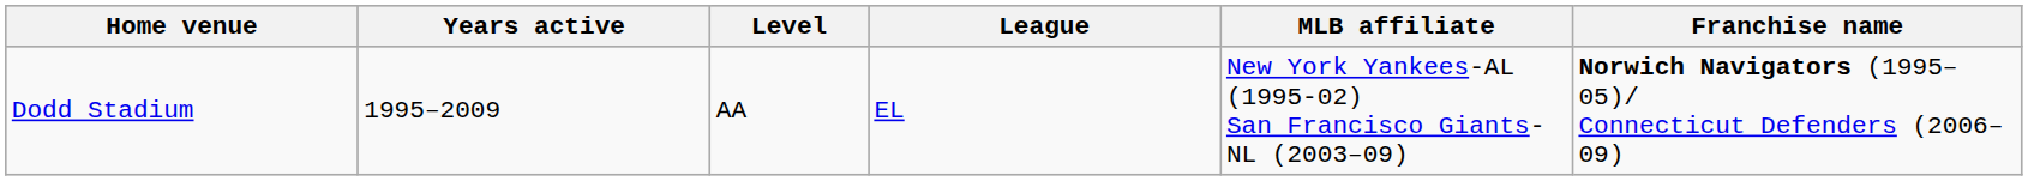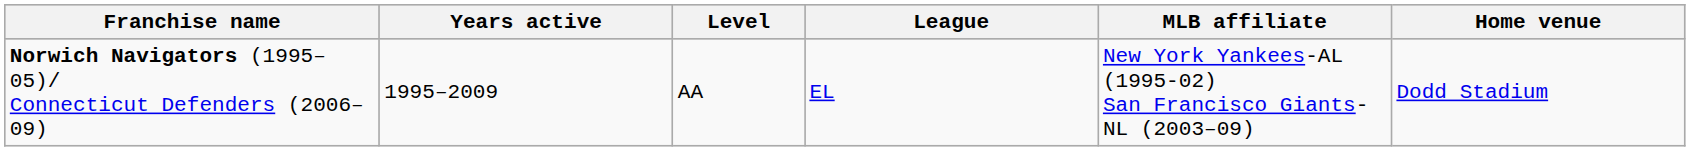 <table class="wikitable">
 <tr>
-<th style="width:175px;"><strong>Home venue</strong></th>
+<th style="width:225px;"><strong>Franchise name</strong></th>
 <th style="width:175px;"><strong>Years active</strong></th>
 <th style="width:75px;"><strong>Level</strong></th>
 <th style="width:175px;"><strong>League</strong></th>
 <th style="width:175px;"><strong>MLB affiliate</strong></th>
-<th style="width:225px;"><strong>Franchise name</strong></th>
+<th style="width:175px;"><strong>Home venue</strong></th>
 </tr>
 <tr>
-<td><a href='#'>Dodd Stadium</a></td>
+<td><strong>Norwich Navigators</strong> (1995–05)/<br><a href='#'>Connecticut Defenders</a> (2006–09)</td>
 <td>1995–2009</td>
 <td>AA</td>
 <td><a href='#'>EL</a></td>
 <td><a href='#'>New York Yankees</a>-AL (1995-02)<br><a href='#'>San Francisco Giants</a>-NL (2003–09)</td>
-<td><strong>Norwich Navigators</strong> (1995–05)/<br><a href='#'>Connecticut Defenders</a> (2006–09)</td>
+<td><a href='#'>Dodd Stadium</a></td>
 </tr>
 </table>
